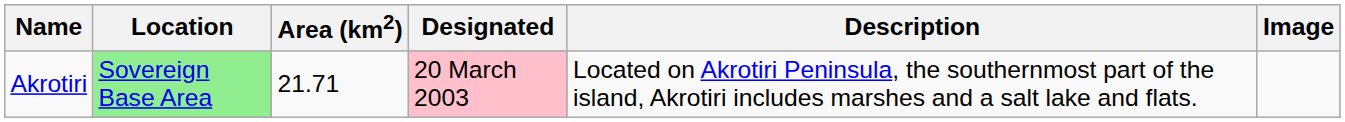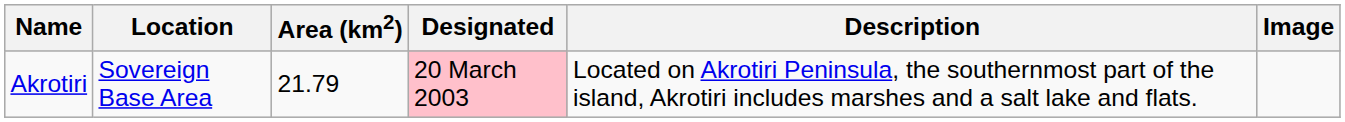 <table class="wikitable sortable">
 <tr>
 <th style="background-color:">Name</th>
 <th style="background-color:">Location</th>
 <th style="background-color:">Area (km<sup>2</sup>)</th>
 <th style="background-color:">Designated</th>
 <th style="background-color:">Description</th>
 <th style="background-color:">Image</th>
 </tr>
 <tr>
 <td><a href='#'>Akrotiri</a></td>
-<td style="background: lightgreen;"><a href='#'>Sovereign Base Area</a><br><small></small></td>
-<td>21.71</td>
+<td><a href='#'>Sovereign Base Area</a><br><small></small></td>
+<td>21.79</td>
 <td style="background: pink;">20 March 2003</td>
 <td>Located on <a href='#'>Akrotiri Peninsula</a>, the southernmost part of the island, Akrotiri includes marshes and a salt lake and flats.</td>
 <td></td>
 </tr>
 </table>
